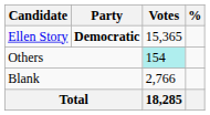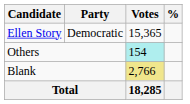 <table class="wikitable">
 <tr>
 <th>Candidate</th>
 <th>Party</th>
 <th>Votes</th>
 <th>%</th>
 </tr>
 <tr>
 <td><a href='#'>Ellen Story</a></td>
-<td><strong>Democratic</strong></td>
+<td>Democratic</td>
 <td>15,365</td>
 <td></td>
 </tr>
 <tr>
 <td colspan = 2>Others</td>
 <td style="background: paleturquoise;">154</td>
 <td></td>
 </tr>
 <tr>
 <td colspan = 2>Blank</td>
-<td>2,766</td>
+<td style="background: khaki;">2,766</td>
 <td></td>
 </tr>
 <tr>
 <th colspan = 2>Total</th>
 <th>18,285</th>
 <th></th>
 </tr>
 </table>
